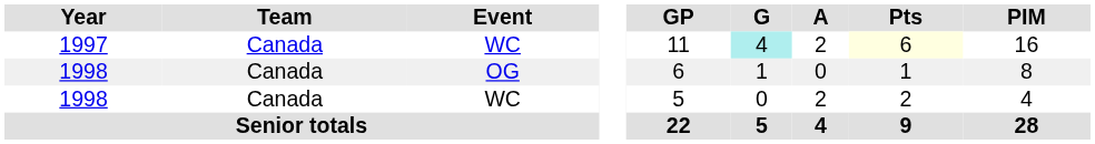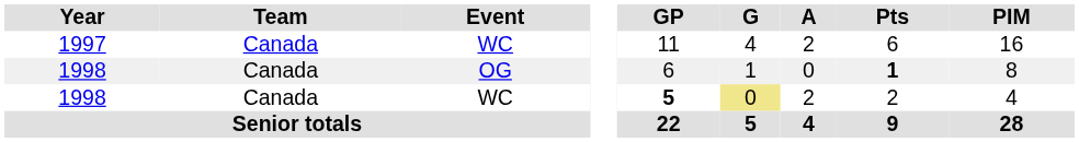 <table border="0" cellpadding="1" cellspacing="0" style="text-align:center; width:50em">
 <tr ALIGN="center" bgcolor="#e0e0e0">
 <th>Year</th>
 <th>Team</th>
 <th>Event</th>
 <th rowspan="99" bgcolor="#ffffff"> </th>
 <th>GP</th>
 <th>G</th>
 <th>A</th>
 <th>Pts</th>
 <th>PIM</th>
 </tr>
 <tr>
 <td><a href='#'>1997</a></td>
 <td><a href='#'>Canada</a></td>
 <td><a href='#'>WC</a></td>
 <td>11</td>
-<td style="background: paleturquoise;">4</td>
+<td>4</td>
 <td>2</td>
-<td style="background: lightyellow;">6</td>
+<td>6</td>
 <td>16</td>
 </tr>
 <tr bgcolor="#f0f0f0">
 <td><a href='#'>1998</a></td>
 <td>Canada</td>
 <td><a href='#'>OG</a></td>
 <td>6</td>
 <td>1</td>
 <td>0</td>
-<td>1</td>
+<td><strong>1</strong></td>
 <td>8</td>
 </tr>
 <tr>
 <td><a href='#'>1998</a></td>
 <td>Canada</td>
 <td>WC</td>
-<td>5</td>
-<td>0</td>
+<td><strong>5</strong></td>
+<td style="background: khaki;">0</td>
 <td>2</td>
 <td>2</td>
 <td>4</td>
 </tr>
 <tr bgcolor="#e0e0e0">
 <th colspan=3>Senior totals</th>
 <th>22</th>
 <th>5</th>
 <th>4</th>
 <th>9</th>
 <th>28</th>
 </tr>
 </table>
